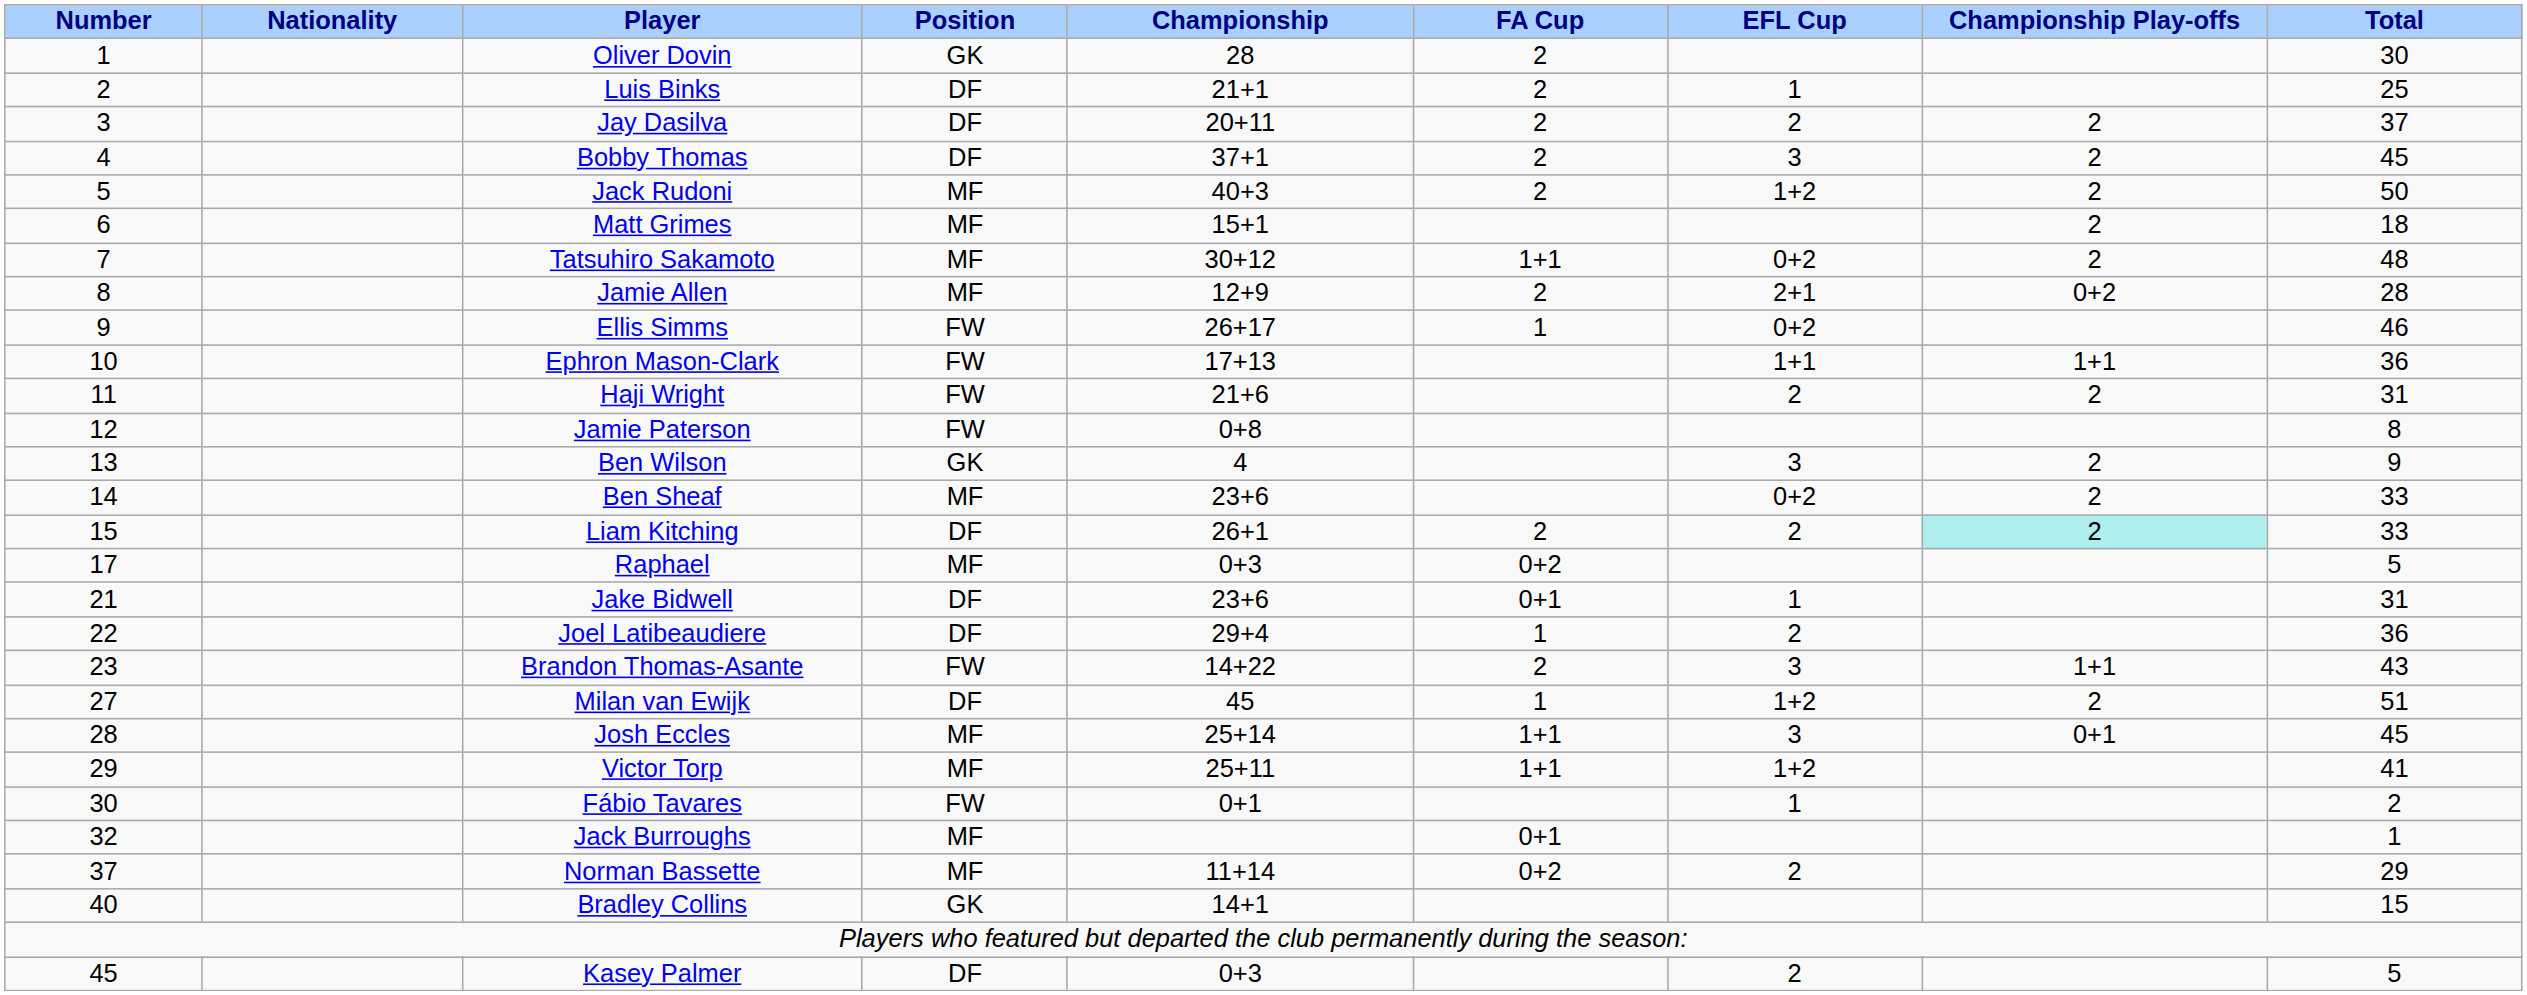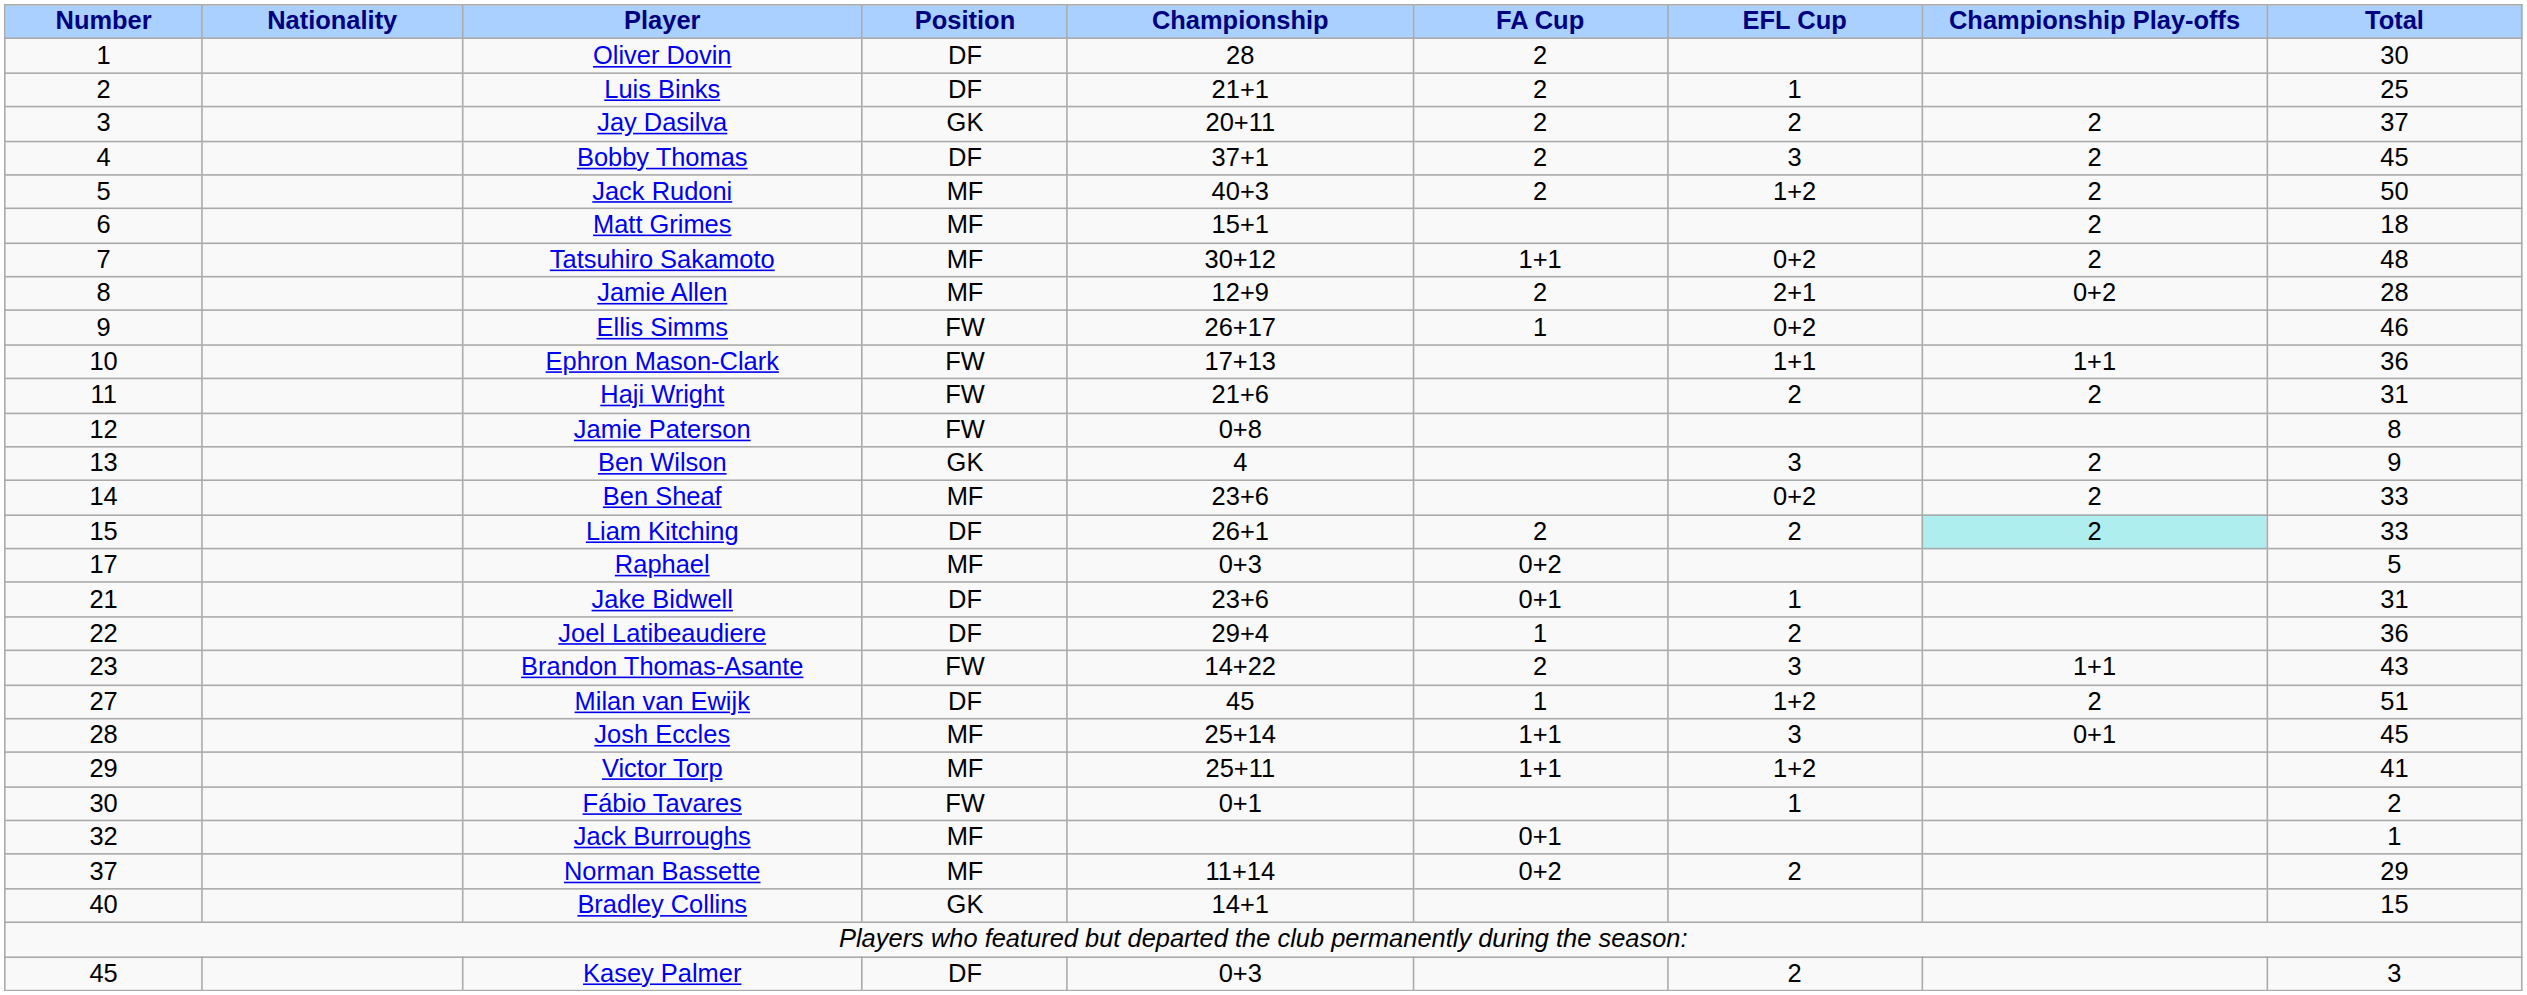 <table class="wikitable sortable alternance" style="font-size:100%; text-align:center; line-height:14px; width:100%;">
 <tr>
 <th style="background:#AAD0FF; color:#000080; width:50px;">Number</th>
 <th style="background:#AAD0FF; color:#000080; width:50px;">Nationality</th>
 <th style="background:#AAD0FF; color:#000080; width:130px;">Player</th>
 <th style="background:#AAD0FF; color:#000080; width:50px;">Position</th>
 <th style="background:#AAD0FF; color:#000080; width:80px;">Championship</th>
 <th style="background:#AAD0FF; color:#000080; width:80px;">FA Cup</th>
 <th style="background:#AAD0FF; color:#000080; width:80px;">EFL Cup</th>
 <th style="background:#AAD0FF; color:#000080; width:100px;">Championship Play-offs</th>
 <th style="background:#AAD0FF; color:#000080; width:80px;">Total</th>
 </tr>
 <tr>
 <td>1</td>
 <td></td>
 <td><a href='#'>Oliver Dovin</a></td>
-<td>GK</td>
+<td>DF</td>
 <td>28</td>
 <td>2</td>
 <td></td>
 <td></td>
 <td>30</td>
 </tr>
 <tr>
 <td>2</td>
 <td></td>
 <td><a href='#'>Luis Binks</a></td>
 <td>DF</td>
 <td>21+1</td>
 <td>2</td>
 <td>1</td>
 <td></td>
 <td>25</td>
 </tr>
 <tr>
 <td>3</td>
 <td></td>
 <td><a href='#'>Jay Dasilva</a></td>
-<td>DF</td>
+<td>GK</td>
 <td>20+11</td>
 <td>2</td>
 <td>2</td>
 <td>2</td>
 <td>37</td>
 </tr>
 <tr>
 <td>4</td>
 <td></td>
 <td><a href='#'>Bobby Thomas</a></td>
 <td>DF</td>
 <td>37+1</td>
 <td>2</td>
 <td>3</td>
 <td>2</td>
 <td>45</td>
 </tr>
 <tr>
 <td>5</td>
 <td></td>
 <td><a href='#'>Jack Rudoni</a></td>
 <td>MF</td>
 <td>40+3</td>
 <td>2</td>
 <td>1+2</td>
 <td>2</td>
 <td>50</td>
 </tr>
 <tr>
 <td>6</td>
 <td></td>
 <td><a href='#'>Matt Grimes</a></td>
 <td>MF</td>
 <td>15+1</td>
 <td></td>
 <td></td>
 <td>2</td>
 <td>18</td>
 </tr>
 <tr>
 <td>7</td>
 <td></td>
 <td><a href='#'>Tatsuhiro Sakamoto</a></td>
 <td>MF</td>
 <td>30+12</td>
 <td>1+1</td>
 <td>0+2</td>
 <td>2</td>
 <td>48</td>
 </tr>
 <tr>
 <td>8</td>
 <td></td>
 <td><a href='#'>Jamie Allen</a></td>
 <td>MF</td>
 <td>12+9</td>
 <td>2</td>
 <td>2+1</td>
 <td>0+2</td>
 <td>28</td>
 </tr>
 <tr>
 <td>9</td>
 <td></td>
 <td><a href='#'>Ellis Simms</a></td>
 <td>FW</td>
 <td>26+17</td>
 <td>1</td>
 <td>0+2</td>
 <td></td>
 <td>46</td>
 </tr>
 <tr>
 <td>10</td>
 <td></td>
 <td><a href='#'>Ephron Mason-Clark</a></td>
 <td>FW</td>
 <td>17+13</td>
 <td></td>
 <td>1+1</td>
 <td>1+1</td>
 <td>36</td>
 </tr>
 <tr>
 <td>11</td>
 <td></td>
 <td><a href='#'>Haji Wright</a></td>
 <td>FW</td>
 <td>21+6</td>
 <td></td>
 <td>2</td>
 <td>2</td>
 <td>31</td>
 </tr>
 <tr>
 <td>12</td>
 <td></td>
 <td><a href='#'>Jamie Paterson</a></td>
 <td>FW</td>
 <td>0+8</td>
 <td></td>
 <td></td>
 <td></td>
 <td>8</td>
 </tr>
 <tr>
 <td>13</td>
 <td></td>
 <td><a href='#'>Ben Wilson</a></td>
 <td>GK</td>
 <td>4</td>
 <td></td>
 <td>3</td>
 <td>2</td>
 <td>9</td>
 </tr>
 <tr>
 <td>14</td>
 <td></td>
 <td><a href='#'>Ben Sheaf</a></td>
 <td>MF</td>
 <td>23+6</td>
 <td></td>
 <td>0+2</td>
 <td>2</td>
 <td>33</td>
 </tr>
 <tr>
 <td>15</td>
 <td></td>
 <td><a href='#'>Liam Kitching</a></td>
 <td>DF</td>
 <td>26+1</td>
 <td>2</td>
 <td>2</td>
 <td style="background: paleturquoise;">2</td>
 <td>33</td>
 </tr>
 <tr>
 <td>17</td>
 <td></td>
 <td><a href='#'>Raphael</a></td>
 <td>MF</td>
 <td>0+3</td>
 <td>0+2</td>
 <td></td>
 <td></td>
 <td>5</td>
 </tr>
 <tr>
 <td>21</td>
 <td></td>
 <td><a href='#'>Jake Bidwell</a></td>
 <td>DF</td>
 <td>23+6</td>
 <td>0+1</td>
 <td>1</td>
 <td></td>
 <td>31</td>
 </tr>
 <tr>
 <td>22</td>
 <td></td>
 <td><a href='#'>Joel Latibeaudiere</a></td>
 <td>DF</td>
 <td>29+4</td>
 <td>1</td>
 <td>2</td>
 <td></td>
 <td>36</td>
 </tr>
 <tr>
 <td>23</td>
 <td></td>
 <td><a href='#'>Brandon Thomas-Asante</a></td>
 <td>FW</td>
 <td>14+22</td>
 <td>2</td>
 <td>3</td>
 <td>1+1</td>
 <td>43</td>
 </tr>
 <tr>
 <td>27</td>
 <td></td>
 <td><a href='#'>Milan van Ewijk</a></td>
 <td>DF</td>
 <td>45</td>
 <td>1</td>
 <td>1+2</td>
 <td>2</td>
 <td>51</td>
 </tr>
 <tr>
 <td>28</td>
 <td></td>
 <td><a href='#'>Josh Eccles</a></td>
 <td>MF</td>
 <td>25+14</td>
 <td>1+1</td>
 <td>3</td>
 <td>0+1</td>
 <td>45</td>
 </tr>
 <tr>
 <td>29</td>
 <td></td>
 <td><a href='#'>Victor Torp</a></td>
 <td>MF</td>
 <td>25+11</td>
 <td>1+1</td>
 <td>1+2</td>
 <td></td>
 <td>41</td>
 </tr>
 <tr>
 <td>30</td>
 <td></td>
 <td><a href='#'>Fábio Tavares</a></td>
 <td>FW</td>
 <td>0+1</td>
 <td></td>
 <td>1</td>
 <td></td>
 <td>2</td>
 </tr>
 <tr>
 <td>32</td>
 <td></td>
 <td><a href='#'>Jack Burroughs</a></td>
 <td>MF</td>
 <td></td>
 <td>0+1</td>
 <td></td>
 <td></td>
 <td>1</td>
 </tr>
 <tr>
 <td>37</td>
 <td></td>
 <td><a href='#'>Norman Bassette</a></td>
 <td>MF</td>
 <td>11+14</td>
 <td>0+2</td>
 <td>2</td>
 <td></td>
 <td>29</td>
 </tr>
 <tr>
 <td>40</td>
 <td></td>
 <td><a href='#'>Bradley Collins</a></td>
 <td>GK</td>
 <td>14+1</td>
 <td></td>
 <td></td>
 <td></td>
 <td>15</td>
 </tr>
 <tr>
 <td colspan="14"><em>Players who featured but departed the club permanently during the season:</em></td>
 </tr>
 <tr>
 <td>45</td>
 <td></td>
 <td><a href='#'>Kasey Palmer</a></td>
 <td>DF</td>
 <td>0+3</td>
 <td></td>
 <td>2</td>
 <td></td>
-<td>5</td>
+<td>3</td>
 </tr>
 </table>
